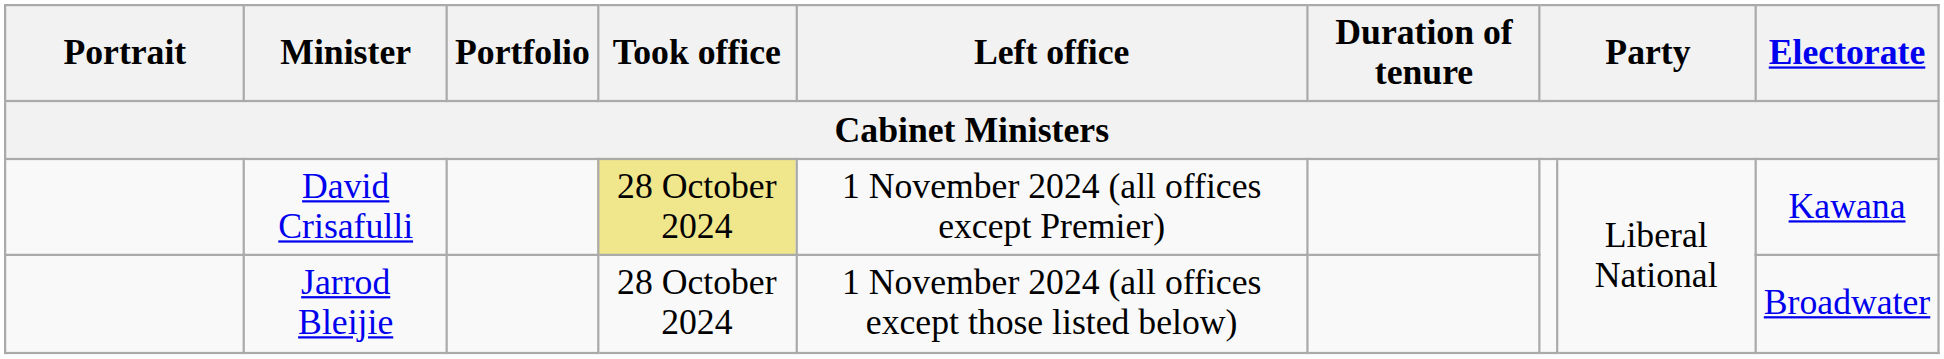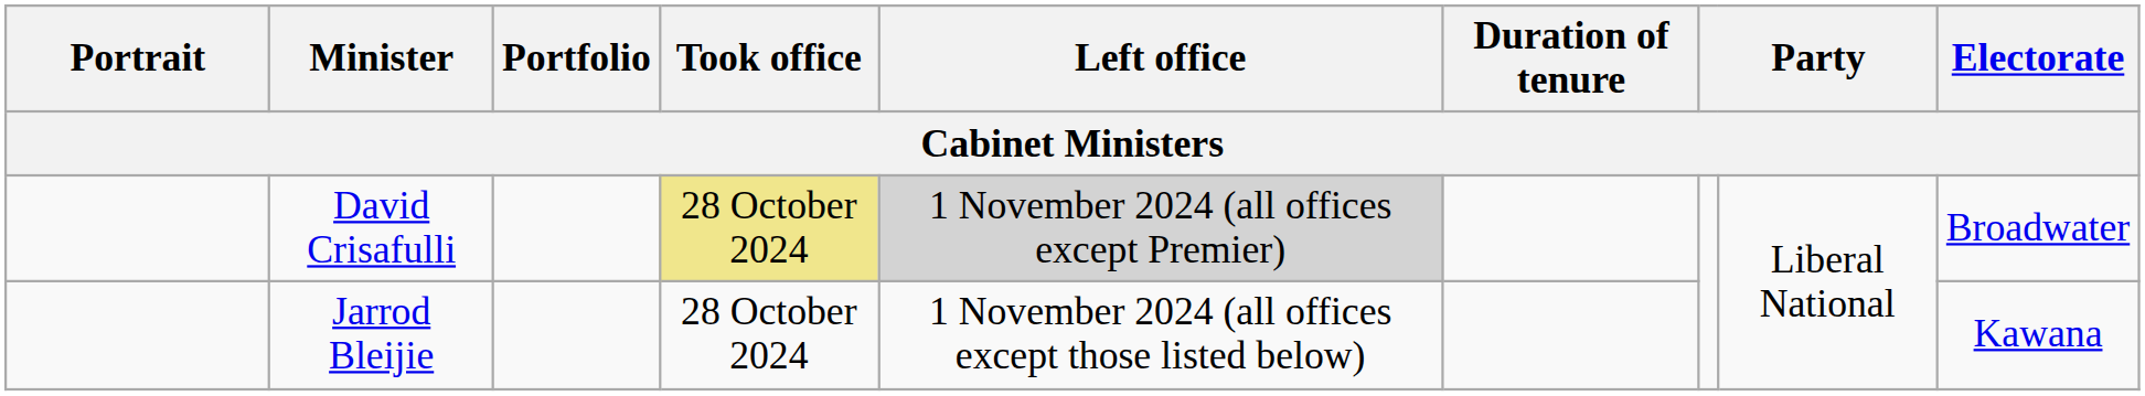 <table class="wikitable sortable" style="border:#555; text-align:center; ">
 <tr>
 <th class="unsortable" style="width:100px;">Portrait</th>
 <th>Minister</th>
 <th>Portfolio</th>
 <th>Took office</th>
 <th>Left office</th>
 <th>Duration of tenure</th>
 <th colspan="2" class="unsortable" style="width:5px;">Party</th>
 <th><a href='#'>Electorate</a></th>
 </tr>
 <tr>
 <th colspan="9">Cabinet Ministers</th>
 </tr>
 <tr>
 <td></td>
 <td><a href='#'>David Crisafulli</a></td>
 <td></td>
 <td style="background: khaki;">28 October 2024</td>
-<td>1 November 2024 (all offices except Premier)</td>
+<td style="background: lightgrey;">1 November 2024 (all offices except Premier)</td>
 <td></td>
 <td rowspan=2; style="background-color: "></td>
 <td rowspan=2>Liberal National</td>
-<td><a href='#'>Kawana</a></td>
+<td><a href='#'>Broadwater</a></td>
 </tr>
 <tr>
 <td></td>
 <td><a href='#'>Jarrod Bleijie</a></td>
 <td></td>
 <td>28 October 2024</td>
 <td>1 November 2024 (all offices except those listed below)</td>
 <td></td>
-<td><a href='#'>Broadwater</a></td>
+<td><a href='#'>Kawana</a></td>
 </tr>
 </table>
